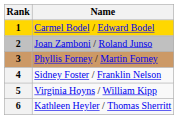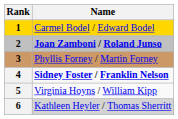 <table class="wikitable">
 <tr>
 <th>Rank</th>
 <th>Name</th>
 </tr>
 <tr bgcolor="gold">
 <td align="center"><strong>1</strong></td>
 <td><a href='#'>Carmel Bodel</a> / <a href='#'>Edward Bodel</a></td>
 </tr>
 <tr bgcolor="silver">
 <td align="center"><strong>2</strong></td>
-<td><a href='#'>Joan Zamboni</a> / <a href='#'>Roland Junso</a></td>
+<td><strong><a href='#'>Joan Zamboni</a> / <a href='#'>Roland Junso</a></strong></td>
 </tr>
 <tr bgcolor="cc9966">
 <td align="center"><strong>3</strong></td>
 <td><a href='#'>Phyllis Forney</a> / <a href='#'>Martin Forney</a></td>
 </tr>
 <tr>
 <th>4</th>
-<td><a href='#'>Sidney Foster</a> / <a href='#'>Franklin Nelson</a></td>
+<td><strong><a href='#'>Sidney Foster</a> / <a href='#'>Franklin Nelson</a></strong></td>
 </tr>
 <tr>
 <th>5</th>
 <td><a href='#'>Virginia Hoyns</a> / <a href='#'>William Kipp</a></td>
 </tr>
 <tr>
 <th>6</th>
-<td><a href='#'>Kathleen Heyler</a> / <a href='#'>Thomas Sherritt</a></td>
+<td style="background: lightgrey;"><a href='#'>Kathleen Heyler</a> / <a href='#'>Thomas Sherritt</a></td>
 </tr>
 </table>
